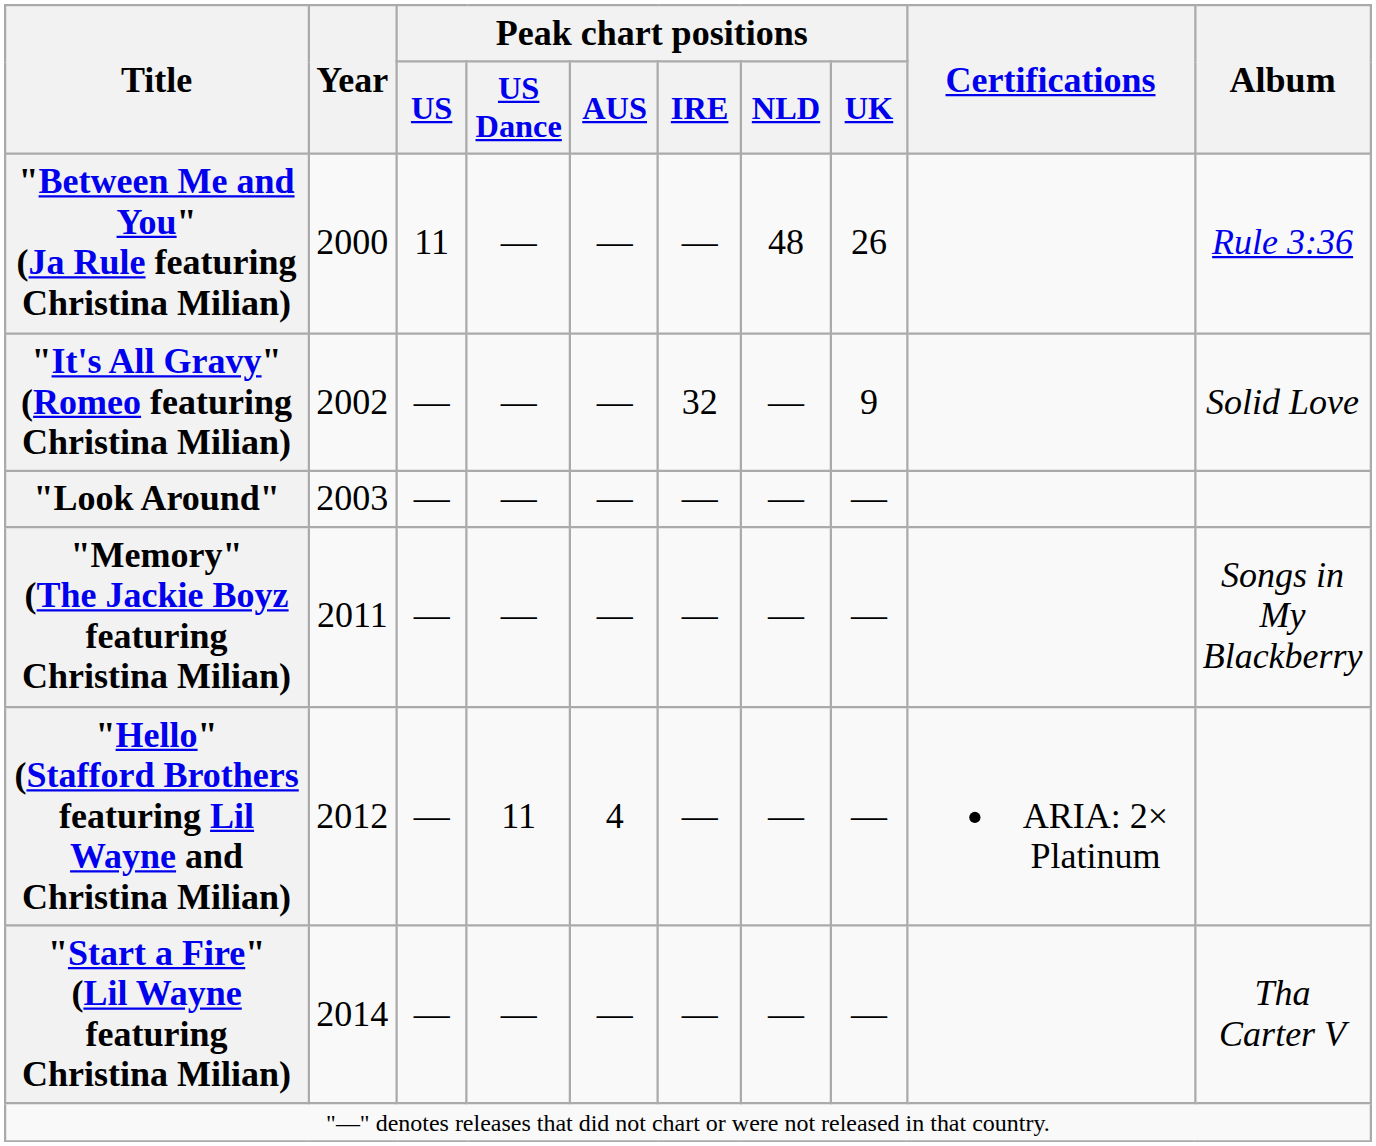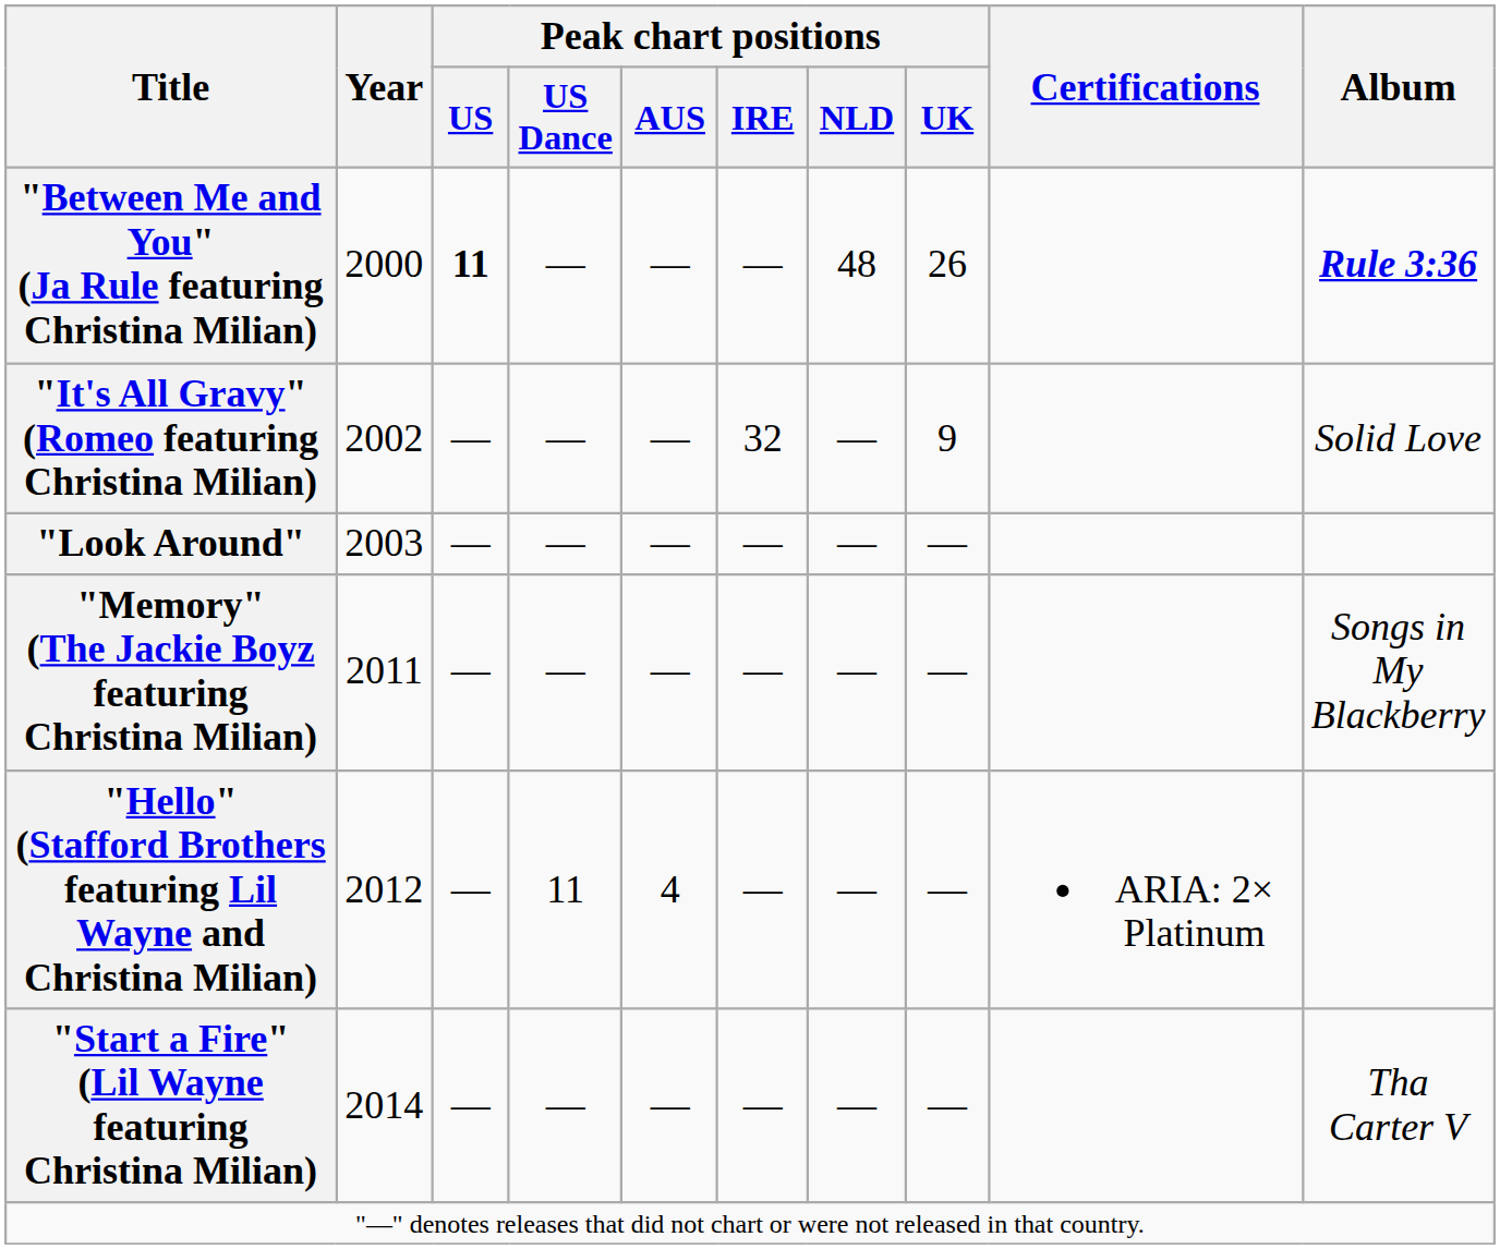 <table class="wikitable plainrowheaders" style="text-align:center;">
 <tr>
 <th scope="col" rowspan="2" style="width:18em;">Title</th>
 <th scope="col" rowspan="2">Year</th>
 <th scope="col" colspan="6">Peak chart positions</th>
 <th scope="col" rowspan="2" style="width:12em;"><a href='#'>Certifications</a></th>
 <th scope="col" rowspan="2">Album</th>
 </tr>
 <tr>
 <th scope="col" style="width:3em; font-size:90%;"><a href='#'>US</a><br></th>
 <th scope="col" style="width:3em; font-size:90%;"><a href='#'>US Dance</a><br></th>
 <th scope="col" style="width:3em; font-size:90%;"><a href='#'>AUS</a><br></th>
 <th scope="col" style="width:3em; font-size:90%;"><a href='#'>IRE</a><br></th>
 <th scope="col" style="width:3em; font-size:90%;"><a href='#'>NLD</a><br></th>
 <th scope="col" style="width:3em; font-size:90%;"><a href='#'>UK</a><br></th>
 </tr>
 <tr>
 <th scope="row">"<a href='#'>Between Me and You</a>"<br><span>(<a href='#'>Ja Rule</a> featuring Christina Milian)</span></th>
 <td>2000</td>
-<td>11</td>
+<td><strong>11</strong></td>
 <td>—</td>
 <td>—</td>
 <td>—</td>
 <td>48</td>
 <td>26</td>
 <td></td>
-<td><em><a href='#'>Rule 3:36</a></em></td>
+<td><strong><em><a href='#'>Rule 3:36</a></em></strong></td>
 </tr>
 <tr>
 <th scope="row">"<a href='#'>It's All Gravy</a>"<br><span>(<a href='#'>Romeo</a> featuring Christina Milian)</span></th>
 <td>2002</td>
 <td>—</td>
 <td>—</td>
 <td>—</td>
 <td>32</td>
 <td>—</td>
 <td>9</td>
 <td></td>
 <td><em>Solid Love</em></td>
 </tr>
 <tr>
 <th scope="row">"Look Around"<br></th>
 <td>2003</td>
 <td>—</td>
 <td>—</td>
 <td>—</td>
 <td>—</td>
 <td>—</td>
 <td>—</td>
 <td></td>
 <td></td>
 </tr>
 <tr>
 <th scope="row">"Memory"<br><span>(<a href='#'>The Jackie Boyz</a> featuring Christina Milian)</span></th>
 <td>2011</td>
 <td>—</td>
 <td>—</td>
 <td>—</td>
 <td>—</td>
 <td>—</td>
 <td>—</td>
 <td></td>
 <td><em>Songs in My Blackberry</em></td>
 </tr>
 <tr>
 <th scope="row">"<a href='#'>Hello</a>"<br><span>(<a href='#'>Stafford Brothers</a> featuring <a href='#'>Lil Wayne</a> and Christina Milian)</span></th>
 <td>2012</td>
 <td>—</td>
 <td>11</td>
 <td>4</td>
 <td>—</td>
 <td>—</td>
 <td>—</td>
 <td><br><ul><li>ARIA: 2× Platinum</li></ul></td>
 <td></td>
 </tr>
 <tr>
 <th scope="row">"<a href='#'>Start a Fire</a>"<br><span>(<a href='#'>Lil Wayne</a> featuring Christina Milian)</span></th>
 <td>2014</td>
 <td>—</td>
 <td>—</td>
 <td>—</td>
 <td>—</td>
 <td>—</td>
 <td>—</td>
 <td></td>
 <td><em>Tha Carter V</em></td>
 </tr>
 <tr>
 <td colspan="10" style="font-size:8pt;">"—" denotes releases that did not chart or were not released in that country.</td>
 </tr>
 </table>
